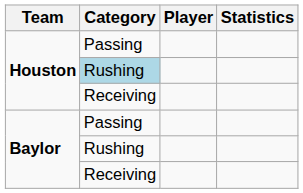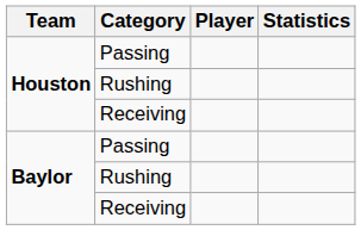 <table class="wikitable" style="float: right;">
 <tr>
 <th>Team</th>
 <th>Category</th>
 <th>Player</th>
 <th>Statistics</th>
 </tr>
 <tr>
 <td rowspan=3 !!><strong>Houston</strong></td>
 <td>Passing</td>
 <td></td>
 <td></td>
 </tr>
 <tr>
-<td style="background: lightblue;">Rushing</td>
+<td>Rushing</td>
 <td></td>
 <td></td>
 </tr>
 <tr>
 <td>Receiving</td>
 <td></td>
 <td></td>
 </tr>
 <tr>
 <td rowspan=3 !!><strong>Baylor</strong></td>
 <td>Passing</td>
 <td></td>
 <td></td>
 </tr>
 <tr>
 <td>Rushing</td>
 <td></td>
 <td></td>
 </tr>
 <tr>
 <td>Receiving</td>
 <td></td>
 <td></td>
 </tr>
 </table>
